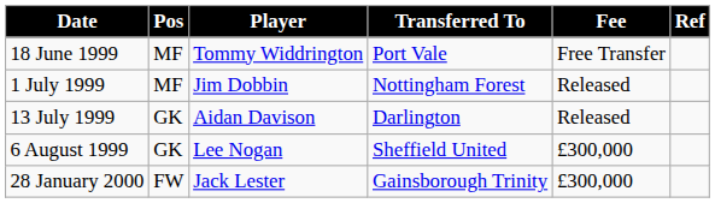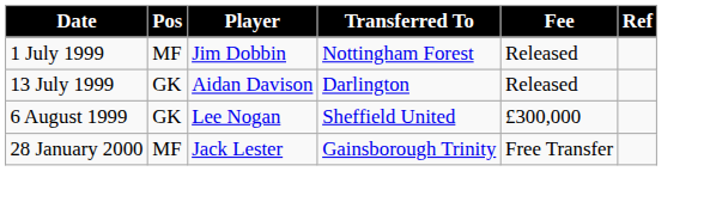 <table class="wikitable plainrowheaders sortable">
 <tr>
 <th style="background:#000000; color:#FFFFFF; ">Date</th>
 <th style="background:#000000; color:#FFFFff; ">Pos</th>
 <th style="background:#000000; color:#FFFFff; ">Player</th>
 <th style="background:#000000; color:#FFFFff; ">Transferred To</th>
 <th style="background:#000000; color:#FFFFff; ">Fee</th>
 <th style="background:#000000; color:#FFFFff; ">Ref</th>
-</tr>
-<tr>
-<td>18 June 1999</td>
-<td>MF</td>
-<td> <a href='#'>Tommy Widdrington</a></td>
-<td> <a href='#'>Port Vale</a></td>
-<td>Free Transfer</td>
-<td></td>
 </tr>
 <tr>
 <td>1 July 1999</td>
 <td>MF</td>
 <td> <a href='#'>Jim Dobbin</a></td>
 <td> <a href='#'>Nottingham Forest</a></td>
 <td>Released</td>
 <td></td>
 </tr>
 <tr>
 <td>13 July 1999</td>
 <td>GK</td>
 <td> <a href='#'>Aidan Davison</a></td>
 <td> <a href='#'>Darlington</a></td>
 <td>Released</td>
 <td></td>
 </tr>
 <tr>
 <td>6 August 1999</td>
 <td>GK</td>
 <td> <a href='#'>Lee Nogan</a></td>
 <td> <a href='#'>Sheffield United</a></td>
 <td>£300,000</td>
 <td></td>
 </tr>
 <tr>
 <td>28 January 2000</td>
-<td>FW</td>
+<td>MF</td>
 <td> <a href='#'>Jack Lester</a></td>
 <td> <a href='#'>Gainsborough Trinity</a></td>
-<td>£300,000</td>
+<td>Free Transfer</td>
 <td></td>
 </tr>
 </table>
